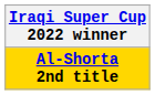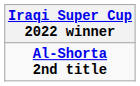 <table class="wikitable" style="text-align: center; margin: 0 auto;">
 <tr>
 <th><a href='#'>Iraqi Super Cup</a><br>2022 winner</th>
 </tr>
 <tr>
-<td style="background: gold;"><strong><a href='#'>Al-Shorta</a></strong><br><strong>2nd title</strong></td>
+<td><strong><a href='#'>Al-Shorta</a></strong><br><strong>2nd title</strong></td>
 </tr>
 </table>
